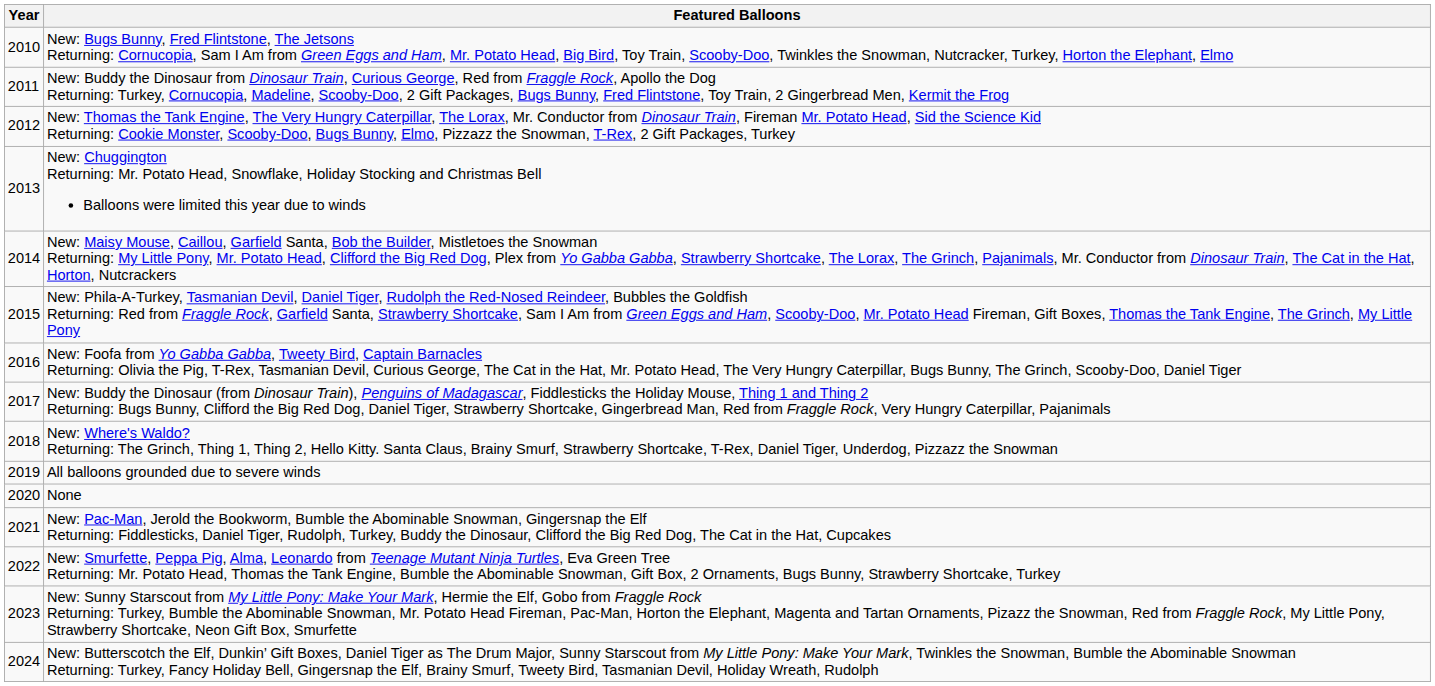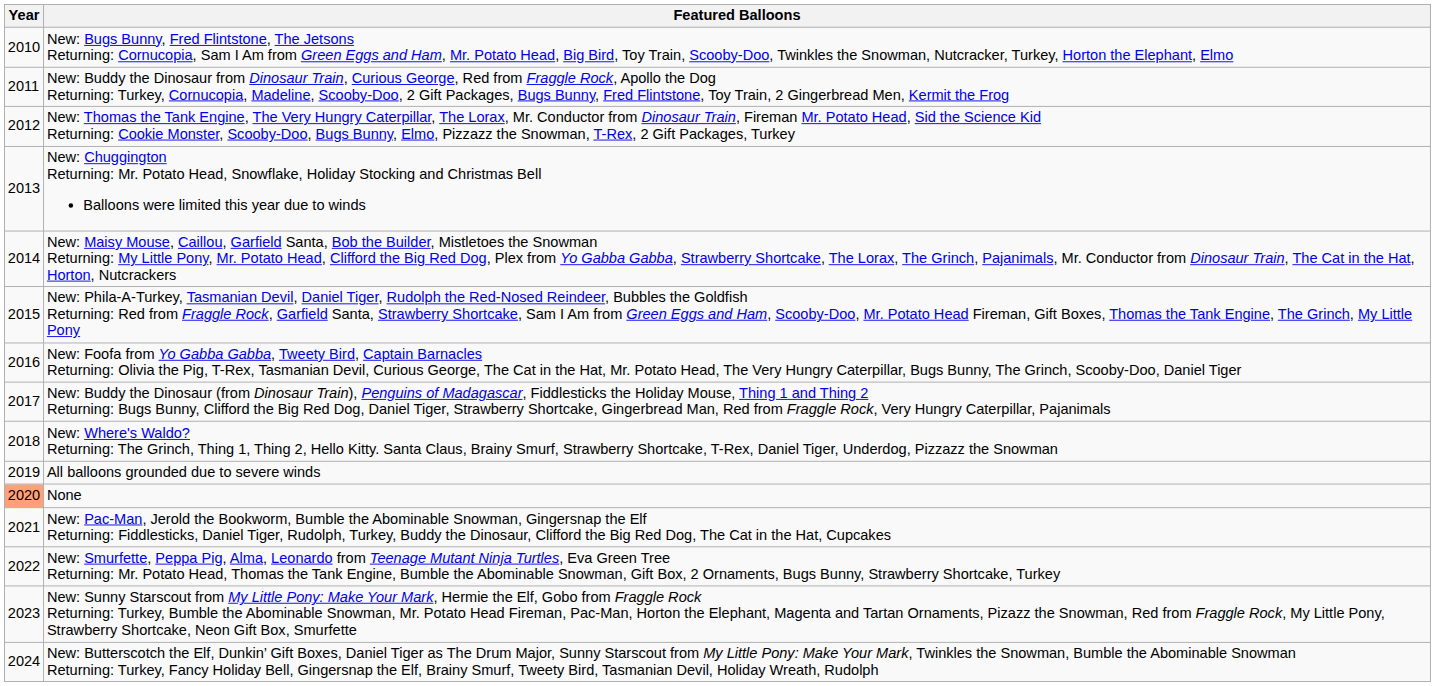 <table class="wikitable">
 <tr>
 <th>Year</th>
 <th>Featured Balloons</th>
 </tr>
 <tr>
 <td>2010</td>
 <td>New: <a href='#'>Bugs Bunny</a>, <a href='#'>Fred Flintstone</a>, <a href='#'>The Jetsons</a><br>Returning: <a href='#'>Cornucopia</a>, Sam I Am from <em><a href='#'>Green Eggs and Ham</a></em>, <a href='#'>Mr. Potato Head</a>, <a href='#'>Big Bird</a>, Toy Train, <a href='#'>Scooby-Doo</a>, Twinkles the Snowman, Nutcracker, Turkey, <a href='#'>Horton the Elephant</a>, <a href='#'>Elmo</a></td>
 </tr>
 <tr>
 <td>2011</td>
 <td>New: Buddy the Dinosaur from <em><a href='#'>Dinosaur Train</a></em>, <a href='#'>Curious George</a>, Red from <em><a href='#'>Fraggle Rock</a></em>, Apollo the Dog<br>Returning: Turkey, <a href='#'>Cornucopia</a>, <a href='#'>Madeline</a>, <a href='#'>Scooby-Doo</a>, 2 Gift Packages, <a href='#'>Bugs Bunny</a>, <a href='#'>Fred Flintstone</a>, Toy Train, 2 Gingerbread Men, <a href='#'>Kermit the Frog</a></td>
 </tr>
 <tr>
 <td>2012</td>
 <td>New: <a href='#'>Thomas the Tank Engine</a>, <a href='#'>The Very Hungry Caterpillar</a>, <a href='#'>The Lorax</a>, Mr. Conductor from <em><a href='#'>Dinosaur Train</a></em>, Fireman <a href='#'>Mr. Potato Head</a>, <a href='#'>Sid the Science Kid</a><br>Returning: <a href='#'>Cookie Monster</a>, <a href='#'>Scooby-Doo</a>, <a href='#'>Bugs Bunny</a>, <a href='#'>Elmo</a>, Pizzazz the Snowman, <a href='#'>T-Rex</a>, 2 Gift Packages, Turkey</td>
 </tr>
 <tr>
 <td>2013</td>
 <td>New: <a href='#'>Chuggington</a><br>Returning: Mr. Potato Head, Snowflake, Holiday Stocking and Christmas Bell<ul><li>Balloons were limited this year due to winds</li></ul></td>
 </tr>
 <tr>
 <td>2014</td>
 <td>New: <a href='#'>Maisy Mouse</a>, <a href='#'>Caillou</a>, <a href='#'>Garfield</a> Santa, <a href='#'>Bob the Builder</a>, Mistletoes the Snowman<br>Returning: <a href='#'>My Little Pony</a>, <a href='#'>Mr. Potato Head</a>, <a href='#'>Clifford the Big Red Dog</a>, Plex from <em><a href='#'>Yo Gabba Gabba</a></em>, <a href='#'>Strawberry Shortcake</a>, <a href='#'>The Lorax</a>, <a href='#'>The Grinch</a>, <a href='#'>Pajanimals</a>, Mr. Conductor from <em><a href='#'>Dinosaur Train</a></em>, <a href='#'>The Cat in the Hat</a>, <a href='#'>Horton</a>, Nutcrackers</td>
 </tr>
 <tr>
 <td>2015</td>
 <td>New: Phila-A-Turkey, <a href='#'>Tasmanian Devil</a>, <a href='#'>Daniel Tiger</a>, <a href='#'>Rudolph the Red-Nosed Reindeer</a>, Bubbles the Goldfish<br>Returning: Red from <em><a href='#'>Fraggle Rock</a></em>, <a href='#'>Garfield</a> Santa, <a href='#'>Strawberry Shortcake</a>, Sam I Am from <em><a href='#'>Green Eggs and Ham</a></em>, <a href='#'>Scooby-Doo</a>, <a href='#'>Mr. Potato Head</a> Fireman, Gift Boxes, <a href='#'>Thomas the Tank Engine</a>, <a href='#'>The Grinch</a>, <a href='#'>My Little Pony</a></td>
 </tr>
 <tr>
 <td>2016</td>
 <td>New: Foofa from <em><a href='#'>Yo Gabba Gabba</a></em>, <a href='#'>Tweety Bird</a>, <a href='#'>Captain Barnacles</a><br>Returning: Olivia the Pig, T-Rex, Tasmanian Devil, Curious George, The Cat in the Hat, Mr. Potato Head, The Very Hungry Caterpillar, Bugs Bunny, The Grinch, Scooby-Doo, Daniel Tiger</td>
 </tr>
 <tr>
 <td>2017</td>
 <td>New: Buddy the Dinosaur (from <em>Dinosaur Train</em>), <em><a href='#'>Penguins of Madagascar</a></em>, Fiddlesticks the Holiday Mouse, <a href='#'>Thing 1 and Thing 2</a><br>Returning: Bugs Bunny, Clifford the Big Red Dog, Daniel Tiger, Strawberry Shortcake, Gingerbread Man, Red from <em>Fraggle Rock</em>, Very Hungry Caterpillar, Pajanimals</td>
 </tr>
 <tr>
 <td>2018</td>
 <td>New: <a href='#'>Where's Waldo?</a><br>Returning: The Grinch, Thing 1, Thing 2, Hello Kitty. Santa Claus, Brainy Smurf, Strawberry Shortcake, T-Rex, Daniel Tiger, Underdog, Pizzazz the Snowman</td>
 </tr>
 <tr>
 <td>2019</td>
 <td>All balloons grounded due to severe winds</td>
 </tr>
 <tr>
-<td>2020</td>
+<td style="background: lightsalmon;">2020</td>
 <td>None</td>
 </tr>
 <tr>
 <td>2021</td>
 <td>New: <a href='#'>Pac-Man</a>, Jerold the Bookworm, Bumble the Abominable Snowman, Gingersnap the Elf<br>Returning: Fiddlesticks, Daniel Tiger, Rudolph, Turkey, Buddy the Dinosaur, Clifford the Big Red Dog, The Cat in the Hat, Cupcakes</td>
 </tr>
 <tr>
 <td>2022</td>
 <td>New: <a href='#'>Smurfette</a>, <a href='#'>Peppa Pig</a>, <a href='#'>Alma</a>, <a href='#'>Leonardo</a> from <em><a href='#'>Teenage Mutant Ninja Turtles</a></em>, Eva Green Tree<br>Returning: Mr. Potato Head, Thomas the Tank Engine, Bumble the Abominable Snowman, Gift Box, 2 Ornaments, Bugs Bunny, Strawberry Shortcake, Turkey</td>
 </tr>
 <tr>
 <td>2023</td>
 <td>New: Sunny Starscout from <em><a href='#'>My Little Pony: Make Your Mark</a></em>, Hermie the Elf, Gobo from <em>Fraggle Rock</em><br>Returning: Turkey, Bumble the Abominable Snowman, Mr. Potato Head Fireman, Pac-Man, Horton the Elephant, Magenta and Tartan Ornaments, Pizazz the Snowman, Red from <em>Fraggle Rock</em>, My Little Pony, Strawberry Shortcake, Neon Gift Box, Smurfette</td>
 </tr>
 <tr>
 <td>2024</td>
 <td>New: Butterscotch the Elf, Dunkin’ Gift Boxes, Daniel Tiger as The Drum Major, Sunny Starscout from <em>My Little Pony: Make Your Mark</em>, Twinkles the Snowman, Bumble the Abominable Snowman<br>Returning: Turkey, Fancy Holiday Bell, Gingersnap the Elf, Brainy Smurf, Tweety Bird, Tasmanian Devil, Holiday Wreath, Rudolph</td>
 </tr>
 </table>
